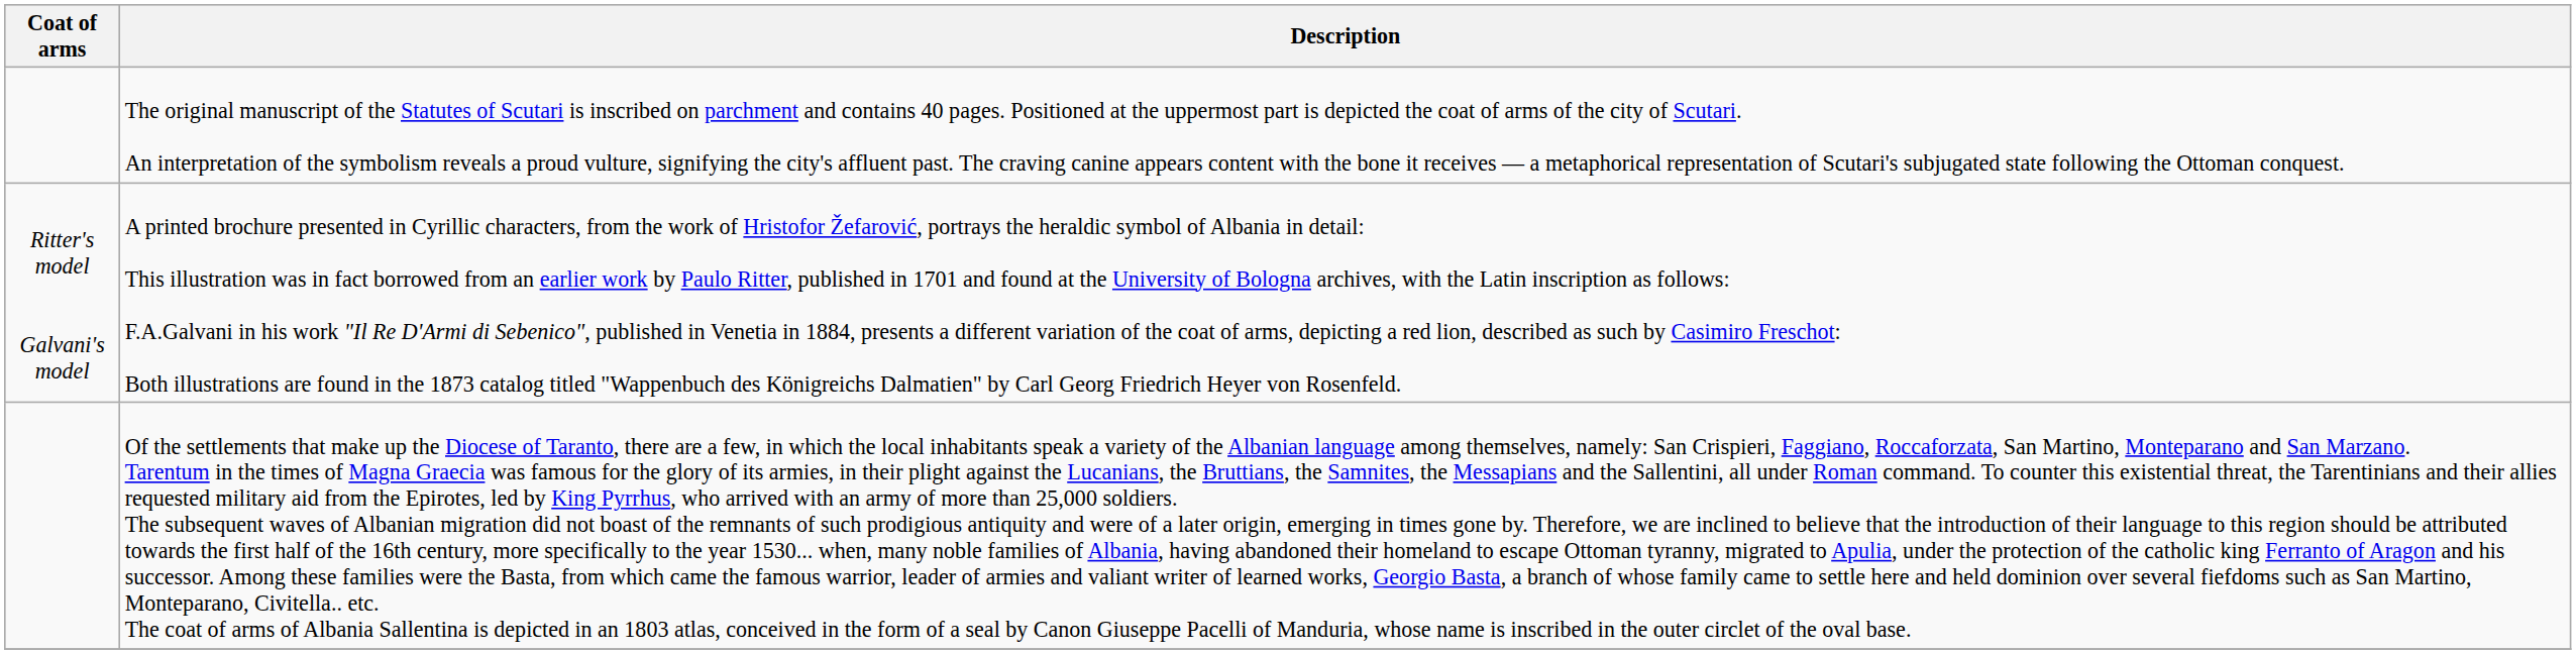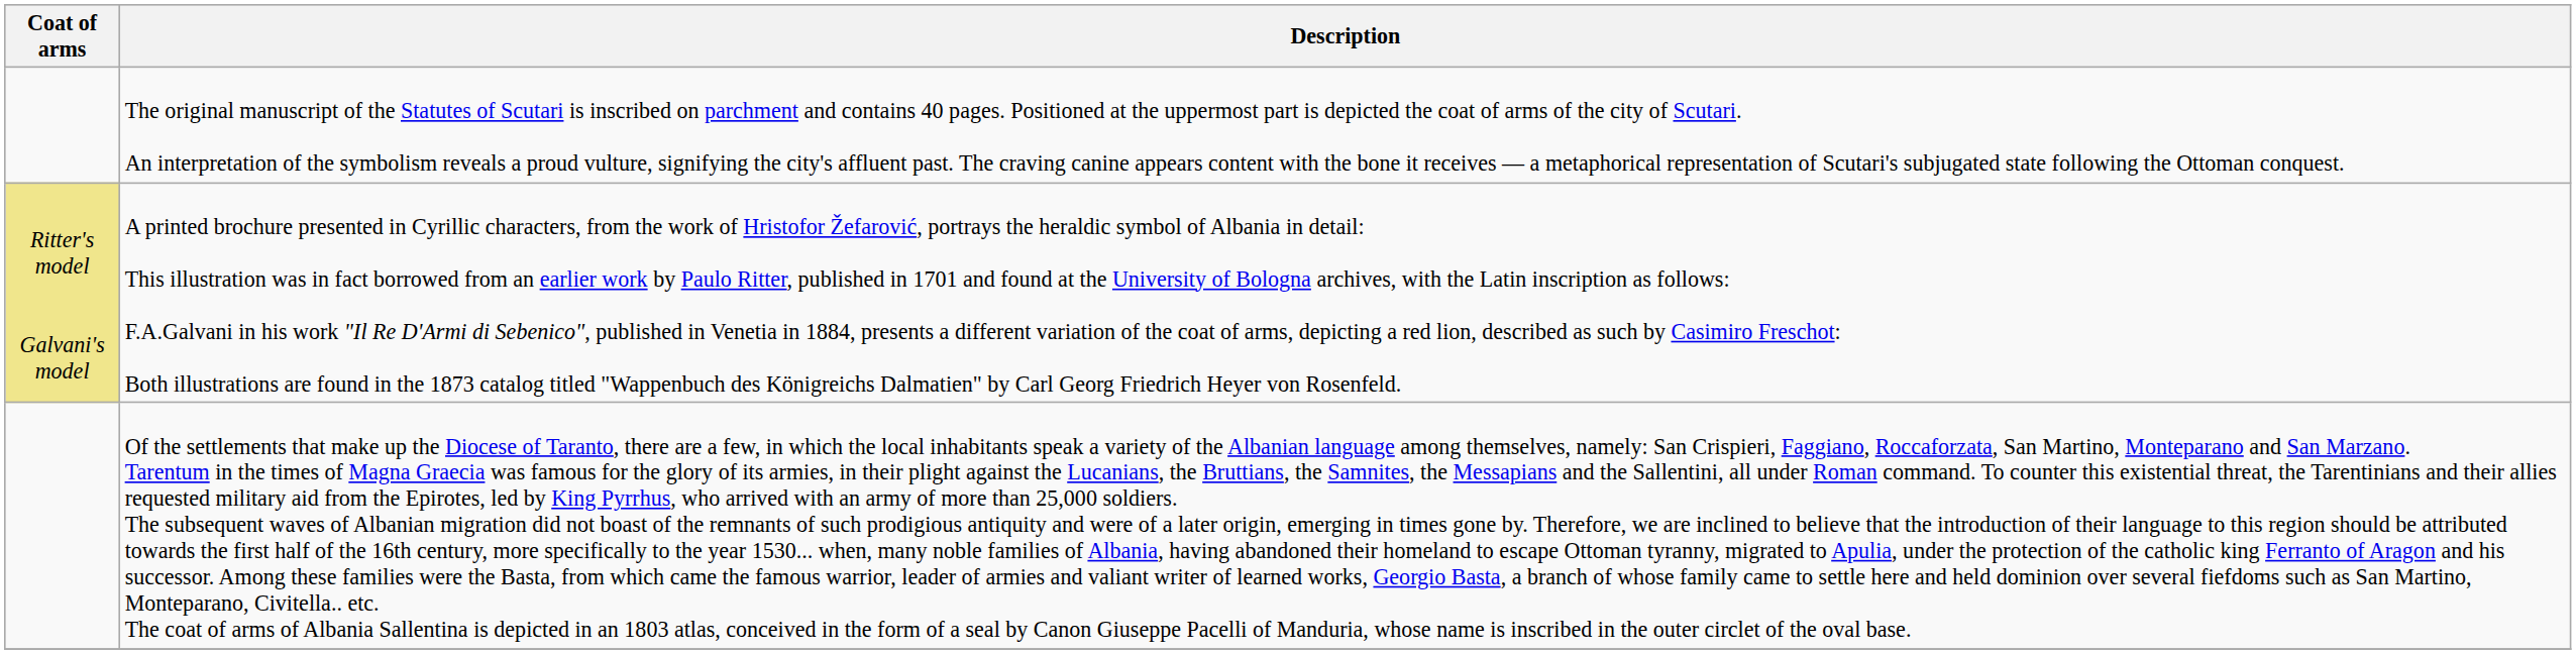 <table class="wikitable" style="font-size:85%;">
 <tr>
 <th>Coat of arms</th>
 <th>Description</th>
 </tr>
 <tr>
 <td align="center"></td>
 <td><br>The original manuscript of the <a href='#'>Statutes of Scutari</a> is inscribed on <a href='#'>parchment</a> and contains 40 pages. Positioned at the uppermost part is depicted the coat of arms of the city of <a href='#'>Scutari</a>.<br><br>An interpretation of the symbolism reveals a proud vulture, signifying the city's affluent past. The craving canine appears content with the bone it receives — a metaphorical representation of Scutari's subjugated state following the Ottoman conquest.</td>
 </tr>
 <tr>
-<td align="center"><br><em>Ritter's model</em><br><br><br><em>Galvani's model</em></td>
+<td align="center" style="background: khaki;"><br><em>Ritter's model</em><br><br><br><em>Galvani's model</em></td>
 <td><br>A printed brochure presented in Cyrillic characters, from the work of <a href='#'>Hristofor Žefarović</a>, portrays the heraldic symbol of Albania in detail:<br><br>This illustration was in fact borrowed from an <a href='#'>earlier work</a> by <a href='#'>Paulo Ritter</a>, published in 1701 and found at the <a href='#'>University of Bologna</a> archives, with the Latin inscription as follows:<br><br>F.A.Galvani in his work <em>"Il Re D'Armi di Sebenico"</em>, published in Venetia in 1884, presents a different variation of the coat of arms, depicting a red lion, described as such by <a href='#'>Casimiro Freschot</a>:<br><br>Both illustrations are found in the 1873 catalog titled "Wappenbuch des Königreichs Dalmatien" by Carl Georg Friedrich Heyer von Rosenfeld.</td>
 </tr>
 <tr>
 <td align="center"></td>
 <td><br>Of the settlements that make up the <a href='#'>Diocese of Taranto</a>, there are a few, in which the local inhabitants speak a variety of the <a href='#'>Albanian language</a> among themselves, namely: San Crispieri, <a href='#'>Faggiano</a>, <a href='#'>Roccaforzata</a>, San Martino, <a href='#'>Monteparano</a> and <a href='#'>San Marzano</a>.<br><a href='#'>Tarentum</a> in the times of <a href='#'>Magna Graecia</a> was famous for the glory of its armies, in their plight against the <a href='#'>Lucanians</a>, the <a href='#'>Bruttians</a>, the <a href='#'>Samnites</a>, the <a href='#'>Messapians</a> and the Sallentini, all under <a href='#'>Roman</a> command. To counter this existential threat, the Tarentinians and their allies requested military aid from the Epirotes, led by <a href='#'>King Pyrrhus</a>, who arrived with an army of more than 25,000 soldiers.<br>The subsequent waves of Albanian migration did not boast of the remnants of such prodigious antiquity and were of a later origin, emerging in times gone by. Therefore, we are inclined to believe that the introduction of their language to this region should be attributed towards the first half of the 16th century, more specifically to the year 1530... when, many noble families of <a href='#'>Albania</a>, having abandoned their homeland to escape Ottoman tyranny, migrated to <a href='#'>Apulia</a>, under the protection of the catholic king <a href='#'>Ferranto of Aragon</a> and his successor. Among these families were the Basta, from which came the famous warrior, leader of armies and valiant writer of learned works, <a href='#'>Georgio Basta</a>, a branch of whose family came to settle here and held dominion over several fiefdoms such as San Martino, Monteparano, Civitella.. etc.<br>The coat of arms of Albania Sallentina is depicted in an 1803 atlas, conceived in the form of a seal by Canon Giuseppe Pacelli of Manduria, whose name is inscribed in the outer circlet of the oval base.<br></td>
 </tr>
 <tr>
 </tr>
 </table>
